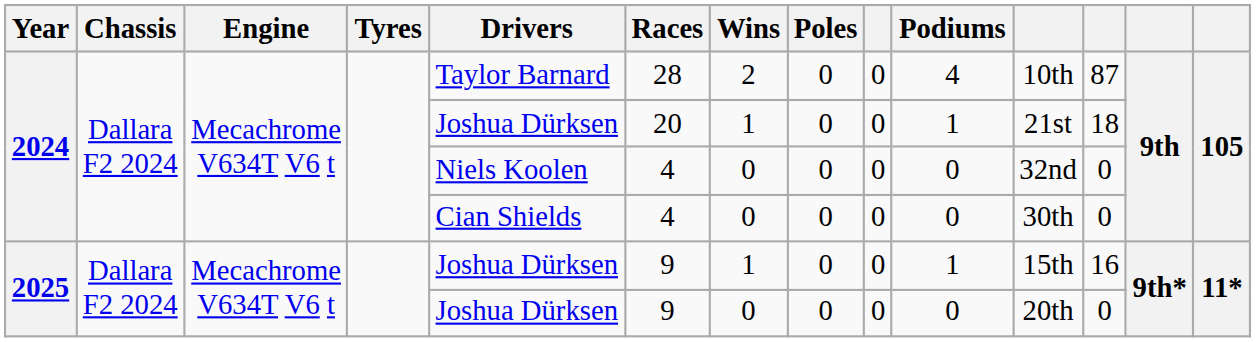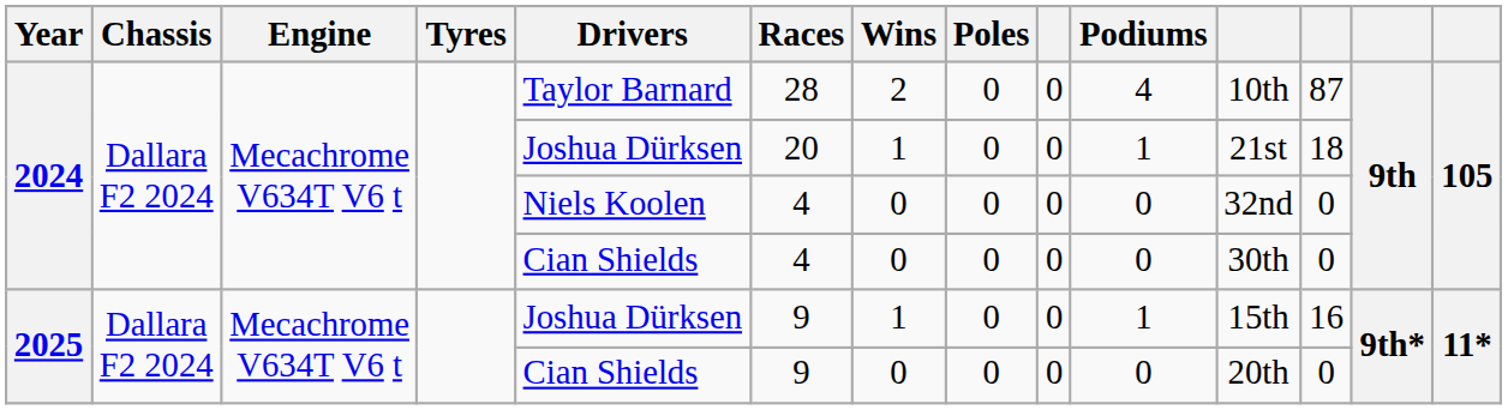 <table class="wikitable" style="text-align:center; font-size:85%">
 <tr>
 <th>Year</th>
 <th>Chassis</th>
 <th>Engine</th>
 <th>Tyres</th>
 <th>Drivers</th>
 <th>Races</th>
 <th>Wins</th>
 <th>Poles</th>
 <th></th>
 <th>Podiums</th>
 <th></th>
 <th></th>
 <th></th>
 <th></th>
 </tr>
 <tr>
 <th rowspan="4"><a href='#'>2024</a></th>
 <td rowspan="4"><a href='#'>Dallara</a><br><a href='#'>F2 2024</a></td>
 <td rowspan="4"><a href='#'>Mecachrome</a><br><a href='#'>V634T</a> <a href='#'>V6</a> <a href='#'>t</a></td>
 <td rowspan="4"></td>
 <td align=left> <a href='#'>Taylor Barnard</a></td>
 <td>28</td>
 <td>2</td>
 <td>0</td>
 <td>0</td>
 <td>4</td>
 <td style="background:#;">10th</td>
 <td style="background:#;">87</td>
 <th rowspan="4" style="background:#;">9th</th>
 <th rowspan="4" style="background:#;">105</th>
 </tr>
 <tr>
 <td align=left> <a href='#'>Joshua Dürksen</a></td>
 <td>20</td>
 <td>1</td>
 <td>0</td>
 <td>0</td>
 <td>1</td>
 <td style="background:;">21st</td>
 <td style="background:;">18</td>
 </tr>
 <tr>
 <td align=left> <a href='#'>Niels Koolen</a></td>
 <td>4</td>
 <td>0</td>
 <td>0</td>
 <td>0</td>
 <td>0</td>
 <td style="background:#;">32nd</td>
 <td style="background:#;">0</td>
 </tr>
 <tr>
 <td align=left> <a href='#'>Cian Shields</a></td>
 <td>4</td>
 <td>0</td>
 <td>0</td>
 <td>0</td>
 <td>0</td>
 <td>30th</td>
 <td>0</td>
 </tr>
 <tr>
 <th rowspan="2"><a href='#'>2025</a></th>
 <td rowspan=2><a href='#'>Dallara</a><br><a href='#'>F2 2024</a></td>
 <td rowspan=2><a href='#'>Mecachrome</a><br><a href='#'>V634T</a> <a href='#'>V6</a> <a href='#'>t</a></td>
 <td rowspan=2></td>
 <td align=left> <a href='#'>Joshua Dürksen</a></td>
 <td>9</td>
 <td>1</td>
 <td>0</td>
 <td>0</td>
 <td>1</td>
 <td style="background:#;">15th</td>
 <td style="background:#;">16</td>
 <th rowspan="2" style="background:#;">9th*</th>
 <th rowspan="2" style="background:#;">11*</th>
 </tr>
 <tr>
-<td align=left> <a href='#'>Joshua Dürksen</a></td>
+<td align=left> <a href='#'>Cian Shields</a></td>
 <td>9</td>
 <td>0</td>
 <td>0</td>
 <td>0</td>
 <td>0</td>
 <td style="background:#;">20th</td>
 <td style="background:#;">0</td>
 </tr>
 </table>
